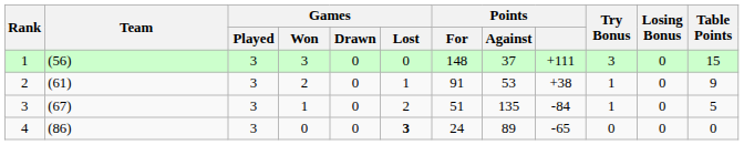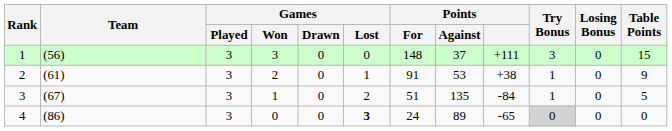 <table class="wikitable"  style="text-align: center;">
 <tr>
 <th rowspan="2" width="20">Rank</th>
 <th rowspan="2" width="200">Team</th>
 <th colspan="4">Games</th>
 <th colspan="3">Points</th>
 <th rowspan="2" width="50">Try Bonus</th>
 <th rowspan="2" width="50">Losing Bonus</th>
 <th rowspan="2" width="50">Table Points</th>
 </tr>
 <tr>
 <th width="50">Played</th>
 <th width="50">Won</th>
 <th width="50">Drawn</th>
 <th width="50">Lost</th>
 <th width="50">For</th>
 <th width="50">Against</th>
 <th width="50"></th>
 </tr>
 <tr bgcolor="#ccffcc">
 <td>1</td>
 <td align=left> (56)</td>
 <td>3</td>
 <td>3</td>
 <td>0</td>
 <td>0</td>
 <td>148</td>
 <td>37</td>
 <td>+111</td>
 <td>3</td>
 <td>0</td>
 <td>15</td>
 </tr>
 <tr>
 <td>2</td>
 <td align="left"> (61)</td>
 <td>3</td>
 <td>2</td>
 <td>0</td>
 <td>1</td>
 <td>91</td>
 <td>53</td>
 <td>+38</td>
 <td>1</td>
 <td>0</td>
 <td>9</td>
 </tr>
 <tr>
 <td>3</td>
 <td align="left"> (67)</td>
 <td>3</td>
 <td>1</td>
 <td>0</td>
 <td>2</td>
 <td>51</td>
 <td>135</td>
 <td>-84</td>
 <td>1</td>
 <td>0</td>
 <td>5</td>
 </tr>
 <tr>
 <td>4</td>
 <td align=left> (86)</td>
 <td>3</td>
 <td>0</td>
 <td>0</td>
 <td><strong>3</strong></td>
 <td>24</td>
 <td>89</td>
 <td>-65</td>
-<td>0</td>
+<td style="background: lightgrey;">0</td>
 <td>0</td>
 <td>0</td>
 </tr>
 </table>
